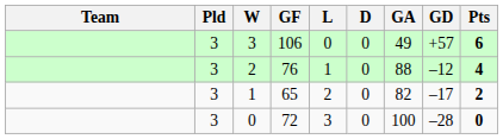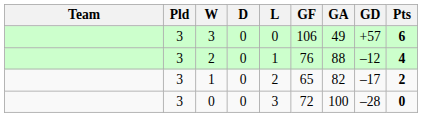 <table class="wikitable" style="text-align: center;">
 <tr>
 <th width="180">Team</th>
 <th width="30">Pld</th>
 <th width="30">W</th>
+<th width="30">D</th>
+<th width="30">L</th>
 <th width="30">GF</th>
-<th width="30">L</th>
-<th width="30">D</th>
 <th width="30">GA</th>
 <th width="30">GD</th>
 <th width="30">Pts</th>
 </tr>
 <tr bgcolor=#CCFFCC>
 <td align="left"></td>
 <td>3</td>
 <td>3</td>
-<td>106</td>
 <td>0</td>
 <td>0</td>
+<td>106</td>
 <td>49</td>
 <td>+57</td>
 <td><strong>6</strong></td>
 </tr>
 <tr bgcolor=#CCFFCC>
 <td align="left"></td>
 <td>3</td>
 <td>2</td>
+<td>0</td>
+<td>1</td>
 <td>76</td>
-<td>1</td>
-<td>0</td>
 <td>88</td>
 <td>–12</td>
 <td><strong>4</strong></td>
 </tr>
 <tr>
 <td align="left"></td>
 <td>3</td>
 <td>1</td>
+<td>0</td>
+<td>2</td>
 <td>65</td>
-<td>2</td>
-<td>0</td>
 <td>82</td>
 <td>–17</td>
 <td><strong>2</strong></td>
 </tr>
 <tr>
 <td align="left"></td>
 <td>3</td>
 <td>0</td>
+<td>0</td>
+<td>3</td>
 <td>72</td>
-<td>3</td>
-<td>0</td>
 <td>100</td>
 <td>–28</td>
 <td><strong>0</strong></td>
 </tr>
 </table>
